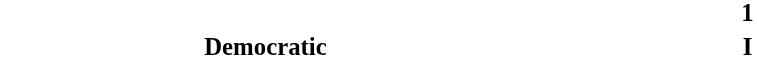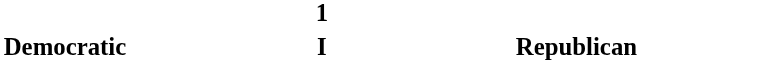 <table style="width:100%; text-align:center">
 <tr>
 <td style="color:white; background:"><strong>204</strong></td>
 <td style="background:"><strong>1</strong></td>
+<td style="color:white; background:"><strong>230</strong></td>
 </tr>
 <tr>
 <td><strong>Democratic</strong></td>
 <td><strong>I</strong></td>
+<td><strong>Republican</strong></td>
 </tr>
 </table>
